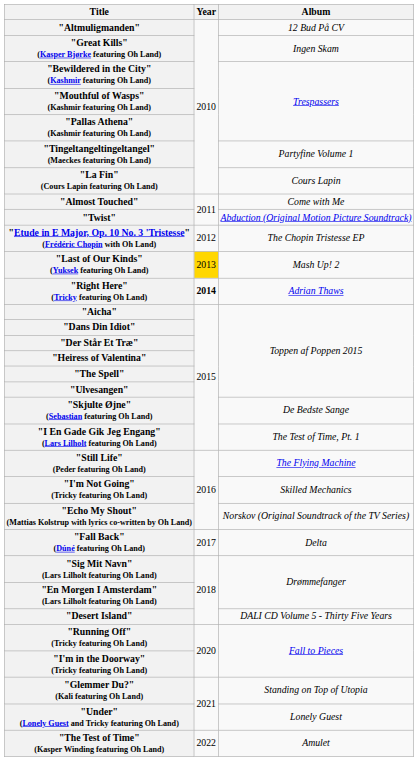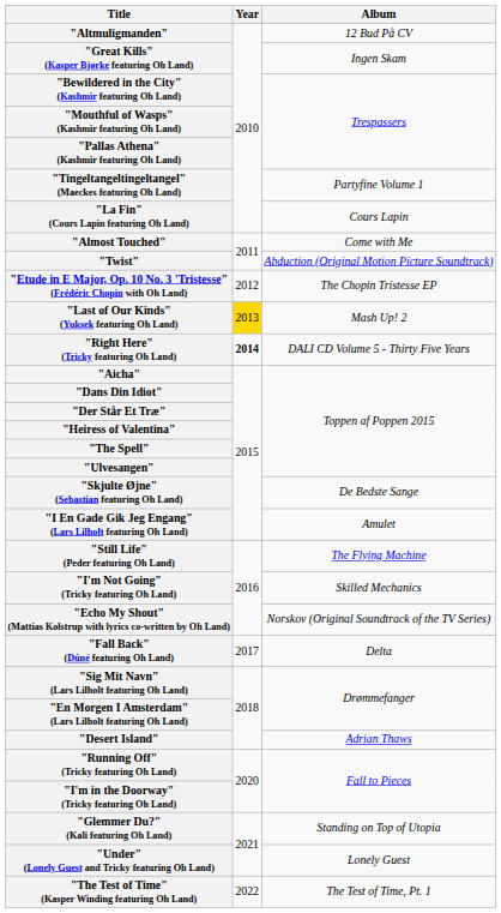 <table class="wikitable plainrowheaders" style="text-align:center;">
 <tr>
 <th scope="col">Title</th>
 <th scope="col">Year</th>
 <th scope="col">Album</th>
 </tr>
 <tr>
 <th scope="row">"Altmuligmanden"</th>
 <td rowspan="7">2010</td>
 <td><em>12 Bud På CV</em></td>
 </tr>
 <tr>
 <th scope="row">"Great Kills"<br><small>(<a href='#'>Kasper Bjørke</a> featuring Oh Land)</small></th>
 <td><em>Ingen Skam</em></td>
 </tr>
 <tr>
 <th scope="row">"Bewildered in the City"<br><small>(<a href='#'>Kashmir</a> featuring Oh Land)</small></th>
 <td rowspan="3"><em><a href='#'>Trespassers</a></em></td>
 </tr>
 <tr>
 <th scope="row">"Mouthful of Wasps"<br><small>(Kashmir featuring Oh Land)</small></th>
 </tr>
 <tr>
 <th scope="row">"Pallas Athena"<br><small>(Kashmir featuring Oh Land)</small></th>
 </tr>
 <tr>
 <th scope="row">"Tingeltangeltingeltangel"<br><small>(Maeckes featuring Oh Land)</small></th>
 <td><em>Partyfine Volume 1</em></td>
 </tr>
 <tr>
 <th scope="row">"La Fin"<br><small>(Cours Lapin featuring Oh Land)</small></th>
 <td><em>Cours Lapin</em></td>
 </tr>
 <tr>
 <th scope="row">"Almost Touched"</th>
 <td rowspan="2">2011</td>
 <td><em>Come with Me</em></td>
 </tr>
 <tr>
 <th scope="row">"Twist"</th>
 <td><em><a href='#'>Abduction (Original Motion Picture Soundtrack)</a></em></td>
 </tr>
 <tr>
 <th scope="row">"<a href='#'>Etude in E Major, Op. 10 No. 3 'Tristesse</a>"<br><small>(<a href='#'>Frédéric Chopin</a> with Oh Land)</small></th>
 <td>2012</td>
 <td><em>The Chopin Tristesse EP</em></td>
 </tr>
 <tr>
 <th scope="row">"Last of Our Kinds"<br><small>(<a href='#'>Yuksek</a> featuring Oh Land)</small></th>
 <td style="background: gold;">2013</td>
 <td><em>Mash Up! 2</em></td>
 </tr>
 <tr>
 <th scope="row">"Right Here"<br><small>(<a href='#'>Tricky</a> featuring Oh Land)</small></th>
 <td><strong>2014</strong></td>
-<td><em><a href='#'>Adrian Thaws</a></em></td>
+<td><em>DALI CD Volume 5 - Thirty Five Years</em></td>
 </tr>
 <tr>
 <th scope="row">"Aicha"</th>
 <td rowspan="8">2015</td>
 <td rowspan="6"><em>Toppen af Poppen 2015</em></td>
 </tr>
 <tr>
 <th scope="row">"Dans Din Idiot"</th>
 </tr>
 <tr>
 <th scope="row">"Der Står Et Træ"</th>
 </tr>
 <tr>
 <th scope="row">"Heiress of Valentina"</th>
 </tr>
 <tr>
 <th scope="row">"The Spell"</th>
 </tr>
 <tr>
 <th scope="row">"Ulvesangen"</th>
 </tr>
 <tr>
 <th scope="row">"Skjulte Øjne"<br><small>(<a href='#'>Sebastian</a> featuring Oh Land)</small></th>
 <td><em>De Bedste Sange</em></td>
 </tr>
 <tr>
 <th scope="row">"I En Gade Gik Jeg Engang"<br><small>(<a href='#'>Lars Lilholt</a> featuring Oh Land)</small></th>
-<td><em>The Test of Time, Pt. 1</em></td>
+<td><em>Amulet</em></td>
 </tr>
 <tr>
 <th scope="row">"Still Life"<br><small>(Peder featuring Oh Land)</small></th>
 <td rowspan="3">2016</td>
 <td><em><a href='#'>The Flying Machine</a></em></td>
 </tr>
 <tr>
 <th scope="row">"I'm Not Going"<br><small>(Tricky featuring Oh Land)</small></th>
 <td><em>Skilled Mechanics</em></td>
 </tr>
 <tr>
 <th scope="row">"Echo My Shout"<br><small>(Mattias Kolstrup with lyrics co-written by Oh Land)</small></th>
 <td><em>Norskov (Original Soundtrack of the TV Series)</em></td>
 </tr>
 <tr>
 <th scope="row">"Fall Back"<br><small>(<a href='#'>Dúné</a> featuring Oh Land)</small></th>
 <td>2017</td>
 <td><em>Delta</em></td>
 </tr>
 <tr>
 <th scope="row">"Sig Mit Navn"<br><small>(Lars Lilholt featuring Oh Land)</small></th>
 <td rowspan="3">2018</td>
 <td rowspan="2"><em>Drømmefanger</em></td>
 </tr>
 <tr>
 <th scope="row">"En Morgen I Amsterdam"<br><small>(Lars Lilholt featuring Oh Land)</small></th>
 </tr>
 <tr>
 <th scope="row">"Desert Island"</th>
-<td><em>DALI CD Volume 5 - Thirty Five Years</em></td>
+<td><em><a href='#'>Adrian Thaws</a></em></td>
 </tr>
 <tr>
 <th scope="row">"Running Off"<br><small>(Tricky featuring Oh Land)</small></th>
 <td rowspan="2">2020</td>
 <td rowspan="2"><em><a href='#'>Fall to Pieces</a></em></td>
 </tr>
 <tr>
 <th scope="row">"I'm in the Doorway"<br><small>(Tricky featuring Oh Land)</small></th>
 </tr>
 <tr>
 <th scope="row">"Glemmer Du?"<br><small>(Kali featuring Oh Land)</small></th>
 <td rowspan="2">2021</td>
 <td><em>Standing on Top of Utopia</em></td>
 </tr>
 <tr>
 <th scope="row">"Under"<br><small>(<a href='#'>Lonely Guest</a> and Tricky featuring Oh Land)</small></th>
 <td><em>Lonely Guest</em></td>
 </tr>
 <tr>
 <th scope="row">"The Test of Time"<br><small>(Kasper Winding featuring Oh Land)</small></th>
 <td>2022</td>
-<td><em>Amulet</em></td>
+<td><em>The Test of Time, Pt. 1</em></td>
 </tr>
 </table>
